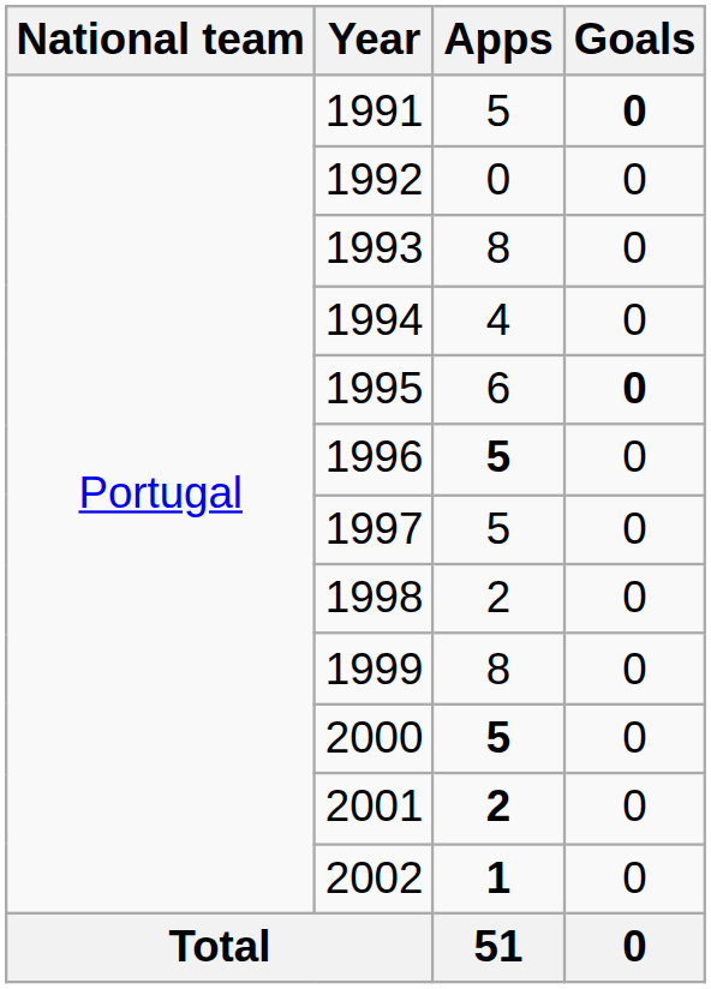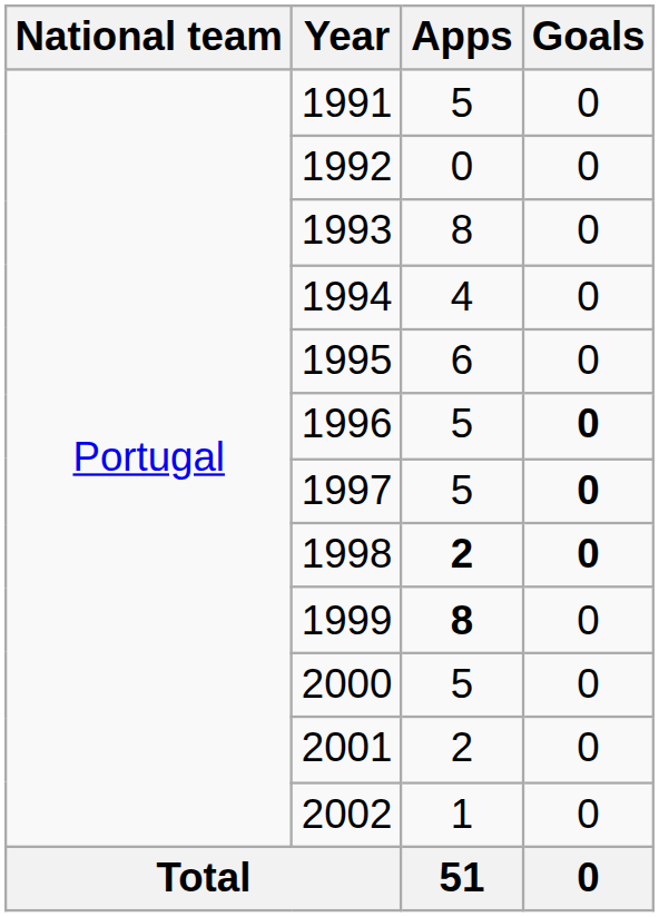 <table class=wikitable style=text-align:center>
 <tr>
 <th>National team</th>
 <th>Year</th>
 <th>Apps</th>
 <th>Goals</th>
 </tr>
 <tr>
 <td rowspan="12"><a href='#'>Portugal</a></td>
 <td>1991</td>
 <td>5</td>
-<td><strong>0</strong></td>
+<td>0</td>
 </tr>
 <tr>
 <td>1992</td>
 <td>0</td>
 <td>0</td>
 </tr>
 <tr>
 <td>1993</td>
 <td>8</td>
 <td>0</td>
 </tr>
 <tr>
 <td>1994</td>
 <td>4</td>
 <td>0</td>
 </tr>
 <tr>
 <td>1995</td>
 <td>6</td>
-<td><strong>0</strong></td>
+<td>0</td>
 </tr>
 <tr>
 <td>1996</td>
-<td><strong>5</strong></td>
-<td>0</td>
+<td>5</td>
+<td><strong>0</strong></td>
 </tr>
 <tr>
 <td>1997</td>
 <td>5</td>
+<td><strong>0</strong></td>
+</tr>
+<tr>
+<td>1998</td>
+<td><strong>2</strong></td>
+<td><strong>0</strong></td>
+</tr>
+<tr>
+<td>1999</td>
+<td><strong>8</strong></td>
 <td>0</td>
 </tr>
 <tr>
-<td>1998</td>
+<td>2000</td>
+<td>5</td>
+<td>0</td>
+</tr>
+<tr>
+<td>2001</td>
 <td>2</td>
 <td>0</td>
 </tr>
 <tr>
-<td>1999</td>
-<td>8</td>
-<td>0</td>
-</tr>
-<tr>
-<td>2000</td>
-<td><strong>5</strong></td>
-<td>0</td>
-</tr>
-<tr>
-<td>2001</td>
-<td><strong>2</strong></td>
-<td>0</td>
-</tr>
-<tr>
 <td>2002</td>
-<td><strong>1</strong></td>
+<td>1</td>
 <td>0</td>
 </tr>
 <tr>
 <th colspan="2">Total</th>
 <th>51</th>
 <th>0</th>
 </tr>
 </table>
